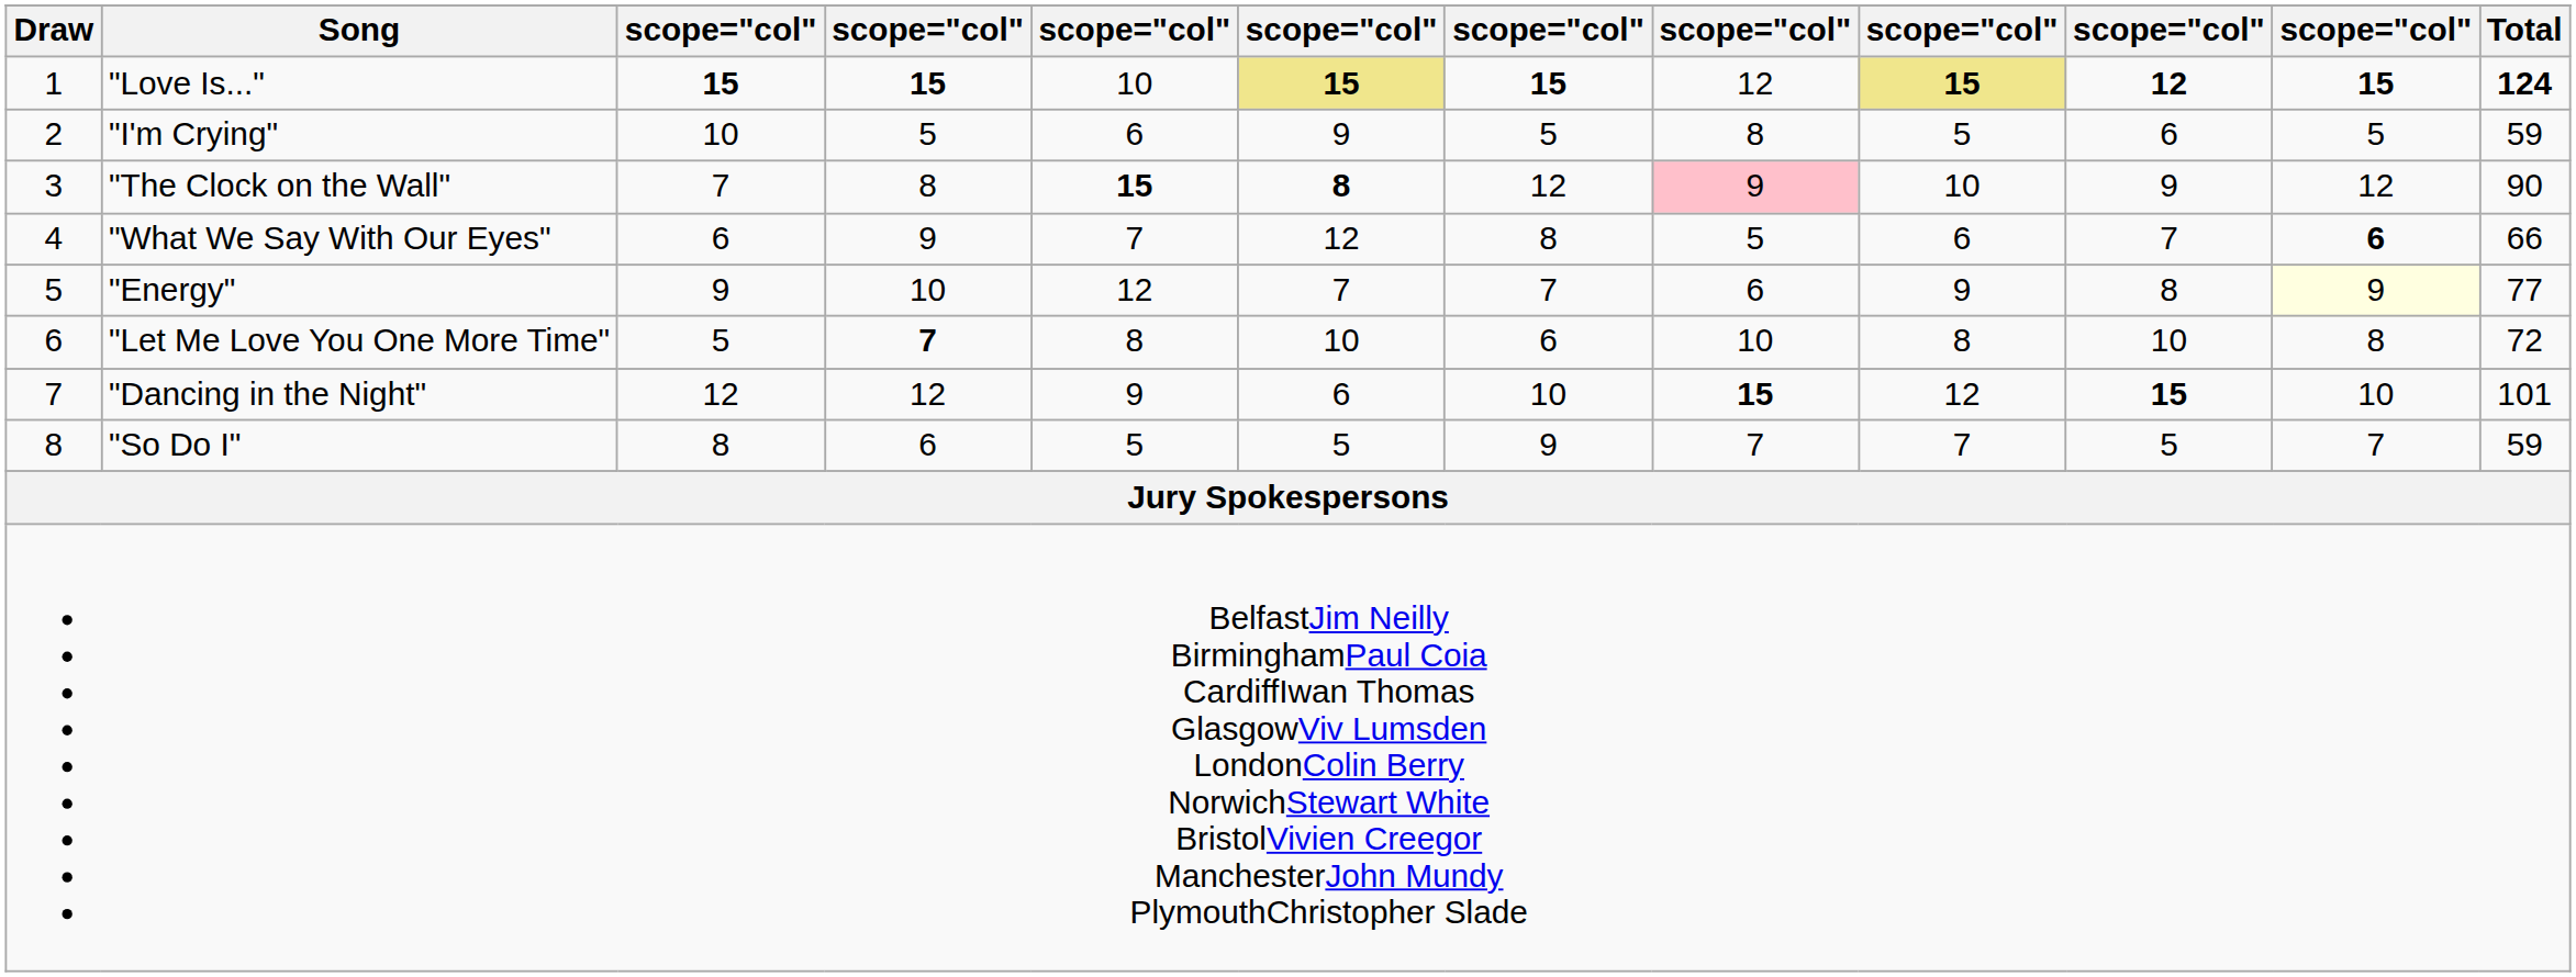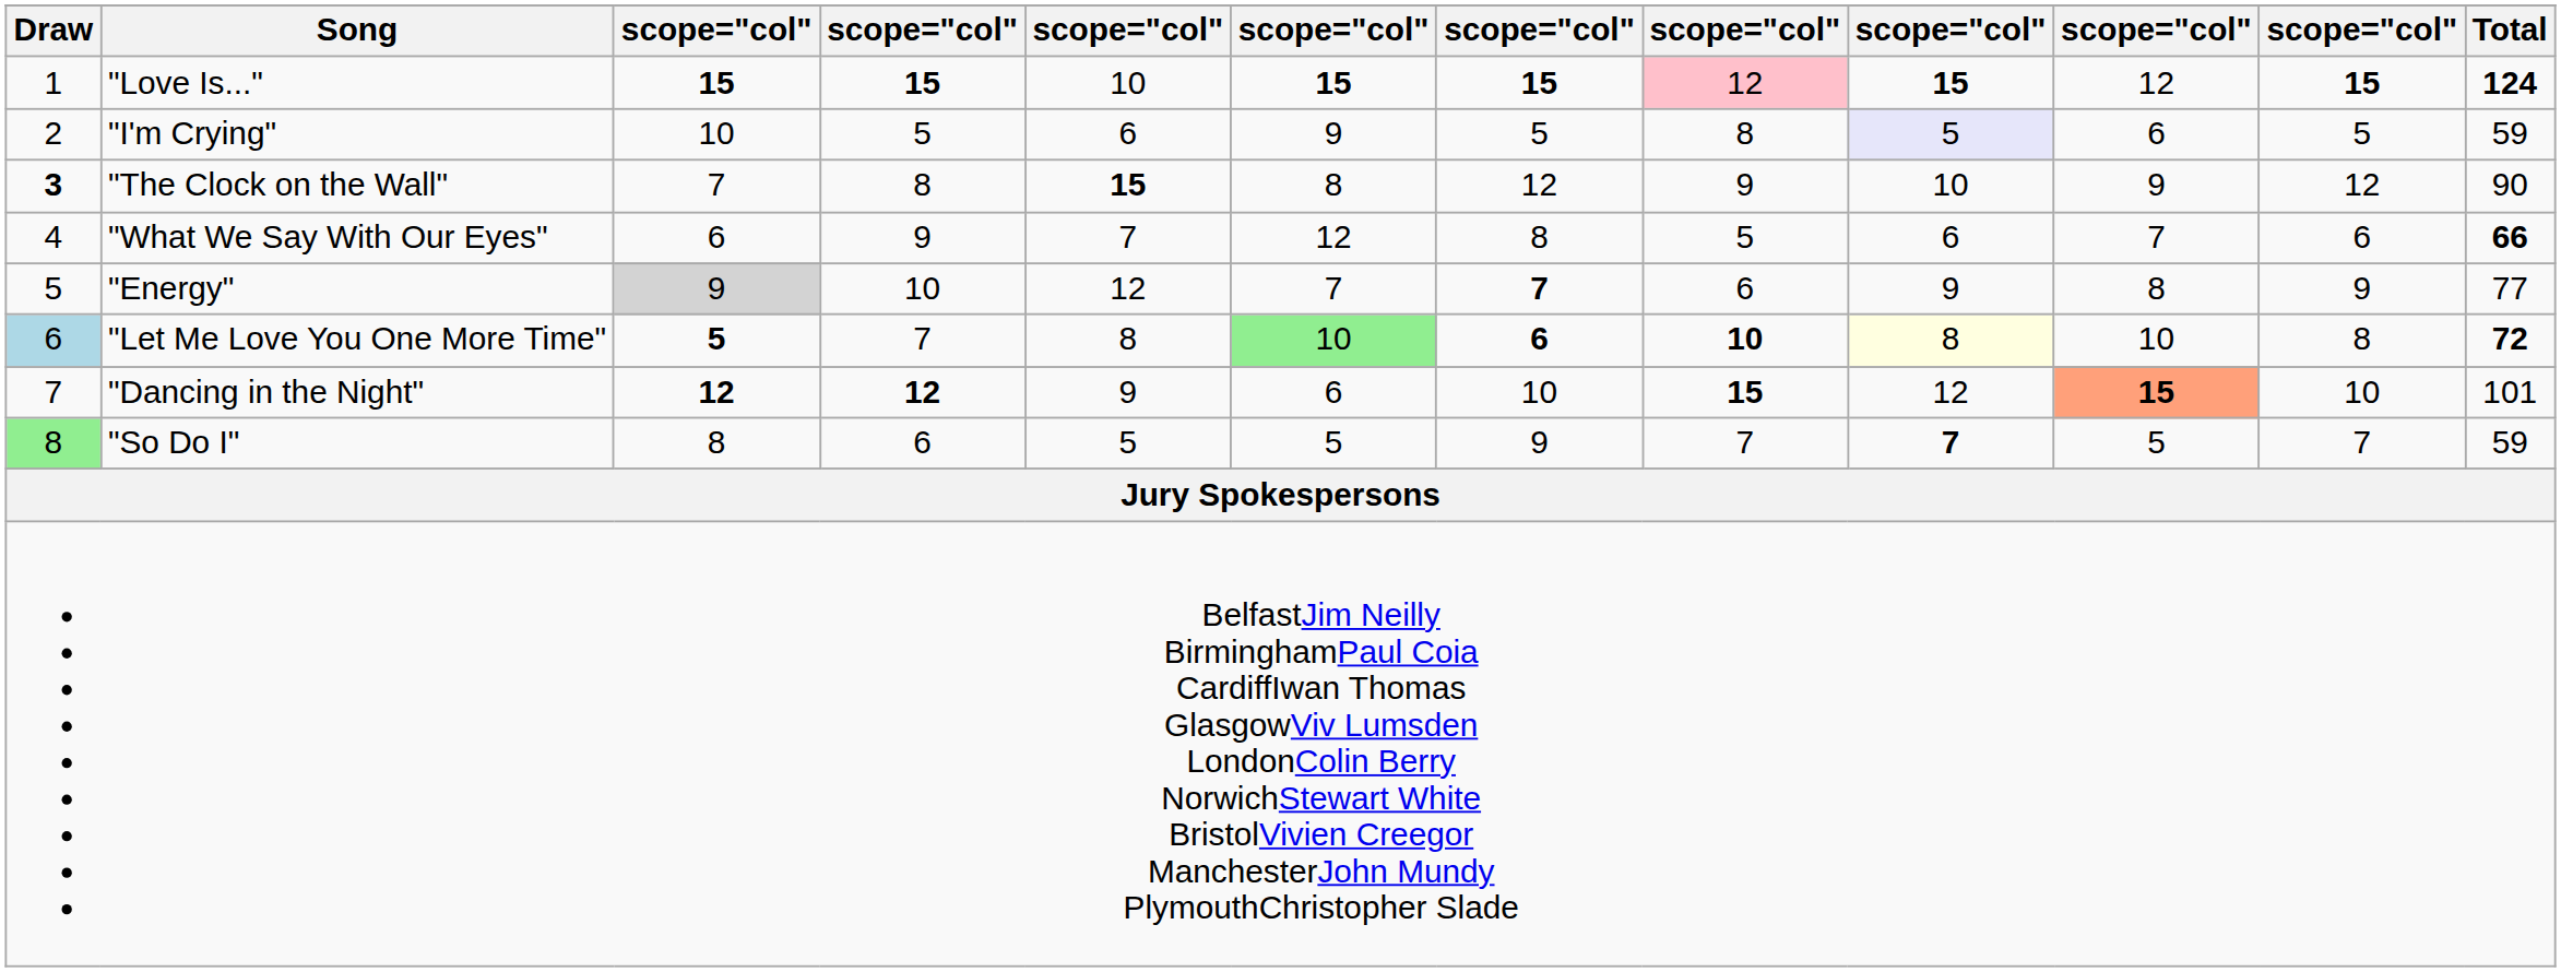 <table class="wikitable plainrowheaders" style="margin: 1em auto 1em auto; text-align:center;">
 <tr>
 </tr>
 <tr>
 <th scope="col">Draw</th>
 <th scope="col">Song</th>
 <th>scope="col" </th>
 <th>scope="col" </th>
 <th>scope="col" </th>
 <th>scope="col" </th>
 <th>scope="col" </th>
 <th>scope="col" </th>
 <th>scope="col" </th>
 <th>scope="col" </th>
 <th>scope="col" </th>
 <th scope="col">Total</th>
 </tr>
 <tr>
 <td>1</td>
 <td align="left">"Love Is..."</td>
 <td><strong>15</strong></td>
 <td><strong>15</strong></td>
 <td>10</td>
-<td style="background: khaki;"><strong>15</strong></td>
+<td><strong>15</strong></td>
+<td><strong>15</strong></td>
+<td style="background: pink;">12</td>
 <td><strong>15</strong></td>
 <td>12</td>
-<td style="background: khaki;"><strong>15</strong></td>
-<td><strong>12</strong></td>
 <td><strong>15</strong></td>
 <td><strong>124</strong></td>
 </tr>
 <tr>
 <td>2</td>
 <td align="left">"I'm Crying"</td>
 <td>10</td>
 <td>5</td>
 <td>6</td>
 <td>9</td>
 <td>5</td>
 <td>8</td>
-<td>5</td>
+<td style="background: lavender;">5</td>
 <td>6</td>
 <td>5</td>
 <td>59</td>
 </tr>
 <tr>
-<td>3</td>
+<td><strong>3</strong></td>
 <td align="left">"The Clock on the Wall"</td>
 <td>7</td>
 <td>8</td>
 <td><strong>15</strong></td>
-<td><strong>8</strong></td>
+<td>8</td>
 <td>12</td>
-<td style="background: pink;">9</td>
+<td>9</td>
 <td>10</td>
 <td>9</td>
 <td>12</td>
 <td>90</td>
 </tr>
 <tr>
 <td>4</td>
 <td align="left">"What We Say With Our Eyes"</td>
 <td>6</td>
 <td>9</td>
 <td>7</td>
 <td>12</td>
 <td>8</td>
 <td>5</td>
 <td>6</td>
 <td>7</td>
-<td><strong>6</strong></td>
-<td>66</td>
+<td>6</td>
+<td><strong>66</strong></td>
 </tr>
 <tr>
 <td>5</td>
 <td align="left">"Energy"</td>
-<td>9</td>
+<td style="background: lightgrey;">9</td>
 <td>10</td>
 <td>12</td>
 <td>7</td>
-<td>7</td>
+<td><strong>7</strong></td>
 <td>6</td>
 <td>9</td>
 <td>8</td>
-<td style="background: lightyellow;">9</td>
+<td>9</td>
 <td>77</td>
 </tr>
 <tr>
-<td>6</td>
+<td style="background: lightblue;">6</td>
 <td align="left">"Let Me Love You One More Time"</td>
-<td>5</td>
-<td><strong>7</strong></td>
+<td><strong>5</strong></td>
+<td>7</td>
 <td>8</td>
-<td>10</td>
-<td>6</td>
+<td style="background: lightgreen;">10</td>
+<td><strong>6</strong></td>
+<td><strong>10</strong></td>
+<td style="background: lightyellow;">8</td>
 <td>10</td>
 <td>8</td>
-<td>10</td>
-<td>8</td>
-<td>72</td>
+<td><strong>72</strong></td>
 </tr>
 <tr>
 <td>7</td>
 <td align="left">"Dancing in the Night"</td>
-<td>12</td>
-<td>12</td>
+<td><strong>12</strong></td>
+<td><strong>12</strong></td>
 <td>9</td>
 <td>6</td>
 <td>10</td>
 <td><strong>15</strong></td>
 <td>12</td>
-<td><strong>15</strong></td>
+<td style="background: lightsalmon;"><strong>15</strong></td>
 <td>10</td>
 <td>101</td>
 </tr>
 <tr>
-<td>8</td>
+<td style="background: lightgreen;">8</td>
 <td align="left">"So Do I"</td>
 <td>8</td>
 <td>6</td>
 <td>5</td>
 <td>5</td>
 <td>9</td>
 <td>7</td>
-<td>7</td>
+<td><strong>7</strong></td>
 <td>5</td>
 <td>7</td>
 <td>59</td>
 </tr>
 <tr>
 <th colspan="12">Jury Spokespersons</th>
 </tr>
 <tr>
 <td colspan="12"><br><ul><li>Belfast<a href='#'>Jim Neilly</a></li><li>Birmingham<a href='#'>Paul Coia</a></li><li>CardiffIwan Thomas</li><li>Glasgow<a href='#'>Viv Lumsden</a></li><li>London<a href='#'>Colin Berry</a></li><li>Norwich<a href='#'>Stewart White</a></li><li>Bristol<a href='#'>Vivien Creegor</a></li><li>Manchester<a href='#'>John Mundy</a></li><li>PlymouthChristopher Slade</li></ul></td>
 </tr>
 </table>
